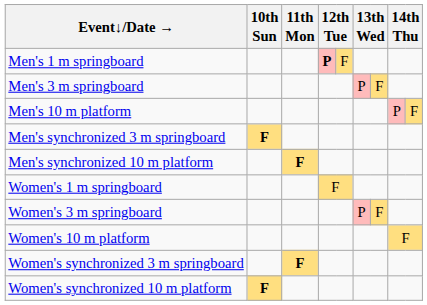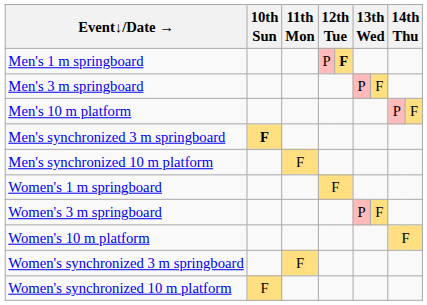 <table class="wikitable" style="margin:0.5em auto; font-size:90%; line-height:1.25em; text-align:center;">
 <tr>
 <th>Event↓/Date →</th>
 <th>10th<br>Sun</th>
 <th>11th<br>Mon</th>
 <th colspan=2>12th<br>Tue</th>
 <th colspan=2>13th<br>Wed</th>
 <th colspan=2>14th<br>Thu</th>
 </tr>
 <tr>
 <td align="left"><a href='#'>Men's 1 m springboard</a></td>
 <td></td>
 <td></td>
-<td bgcolor="#FFBBBB"><strong>P</strong></td>
-<td bgcolor="#FFDF80">F</td>
+<td bgcolor="#FFBBBB">P</td>
+<td bgcolor="#FFDF80"><strong>F</strong></td>
 <td colspan=2></td>
 <td colspan=2></td>
 </tr>
 <tr>
 <td align="left"><a href='#'>Men's 3 m springboard</a></td>
 <td></td>
 <td></td>
 <td colspan=2></td>
 <td bgcolor="#FFBBBB">P</td>
 <td bgcolor="#FFDF80">F</td>
 <td colspan=2></td>
 </tr>
 <tr>
 <td align="left"><a href='#'>Men's 10 m platform</a></td>
 <td></td>
 <td></td>
 <td colspan=2></td>
 <td colspan=2></td>
 <td bgcolor="#FFBBBB">P</td>
 <td bgcolor="#FFDF80">F</td>
 </tr>
 <tr>
 <td align="left"><a href='#'>Men's synchronized 3 m springboard</a></td>
 <td bgcolor="#FFDF80"><strong>F</strong></td>
 <td></td>
 <td colspan=2></td>
 <td colspan=2></td>
 <td colspan=2></td>
 </tr>
 <tr>
 <td align="left"><a href='#'>Men's synchronized 10 m platform</a></td>
 <td></td>
-<td bgcolor="#FFDF80"><strong>F</strong></td>
+<td bgcolor="#FFDF80">F</td>
 <td colspan=2></td>
 <td colspan=2></td>
 <td colspan=2></td>
 </tr>
 <tr>
 <td align="left"><a href='#'>Women's 1 m springboard</a></td>
 <td></td>
 <td></td>
 <td colspan=2 bgcolor="#FFDF80">F</td>
 <td colspan=2></td>
 <td colspan=2></td>
 </tr>
 <tr>
 <td align="left"><a href='#'>Women's 3 m springboard</a></td>
 <td></td>
 <td></td>
 <td colspan=2></td>
 <td bgcolor="#FFBBBB">P</td>
 <td bgcolor="#FFDF80">F</td>
 <td colspan=2></td>
 </tr>
 <tr>
 <td align="left"><a href='#'>Women's 10 m platform</a></td>
 <td></td>
 <td></td>
 <td colspan=2></td>
 <td colspan=2></td>
 <td colspan=2 bgcolor="#FFDF80">F</td>
 </tr>
 <tr>
 <td align="left"><a href='#'>Women's synchronized 3 m springboard</a></td>
 <td></td>
-<td bgcolor="#FFDF80"><strong>F</strong></td>
+<td bgcolor="#FFDF80">F</td>
 <td colspan=2></td>
 <td colspan=2></td>
 <td colspan=2></td>
 </tr>
 <tr>
 <td align="left"><a href='#'>Women's synchronized 10 m platform</a></td>
-<td bgcolor="#FFDF80"><strong>F</strong></td>
+<td bgcolor="#FFDF80">F</td>
 <td></td>
 <td colspan=2></td>
 <td colspan=2></td>
 <td colspan=2></td>
 </tr>
 </table>
